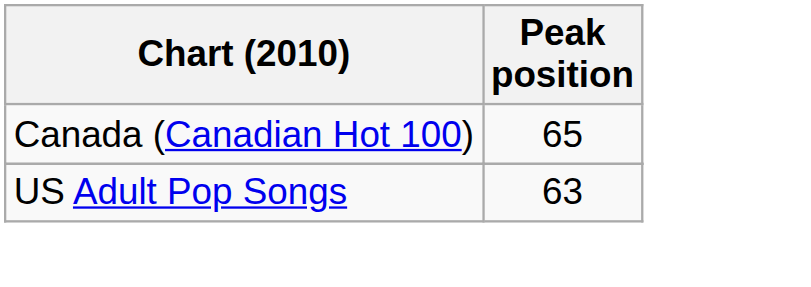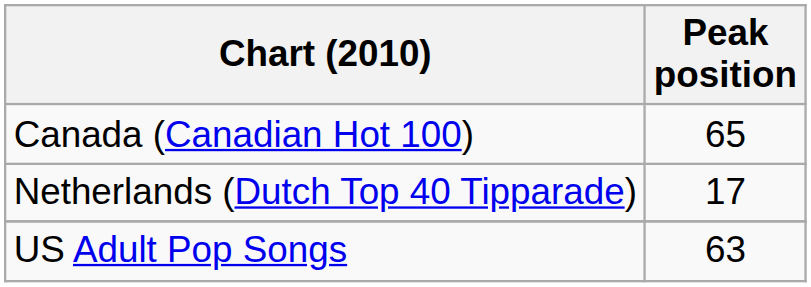 <table class="wikitable sortable plainrowheaders">
 <tr>
 <th>Chart (2010)</th>
 <th>Peak<br>position</th>
 </tr>
 <tr>
 <td>Canada (<a href='#'>Canadian Hot 100</a>)</td>
 <td style="text-align:center;">65</td>
 </tr>
 <tr>
+<td>Netherlands (<a href='#'>Dutch Top 40 Tipparade</a>)</td>
+<td style="text-align:center;">17</td>
+</tr>
+<tr>
 </tr>
 <tr>
 <td>US <a href='#'>Adult Pop Songs</a></td>
 <td style="text-align:center;">63</td>
 </tr>
 </table>
